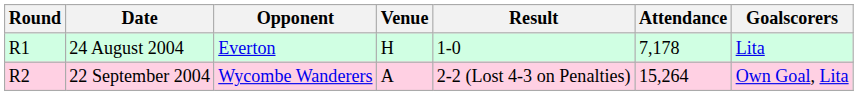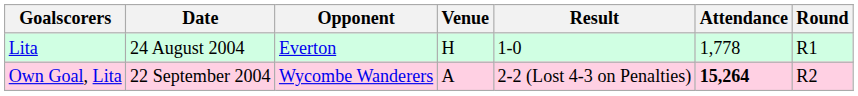 <table class="wikitable">
 <tr>
-<th>Round</th>
+<th>Goalscorers</th>
 <th>Date</th>
 <th>Opponent</th>
 <th>Venue</th>
 <th>Result</th>
 <th>Attendance</th>
-<th>Goalscorers</th>
+<th>Round</th>
 </tr>
 <tr style="background-color: #d0ffe3;">
-<td>R1</td>
+<td><a href='#'>Lita</a></td>
 <td>24 August 2004</td>
 <td><a href='#'>Everton</a></td>
 <td>H</td>
 <td>1-0</td>
-<td>7,178</td>
-<td><a href='#'>Lita</a></td>
+<td>1,778</td>
+<td>R1</td>
 </tr>
 <tr style="background-color: #ffd0e3;">
-<td>R2</td>
+<td><a href='#'>Own Goal</a>, <a href='#'>Lita</a></td>
 <td>22 September 2004</td>
 <td><a href='#'>Wycombe Wanderers</a></td>
 <td>A</td>
 <td>2-2 (Lost 4-3 on Penalties)</td>
-<td>15,264</td>
-<td><a href='#'>Own Goal</a>, <a href='#'>Lita</a></td>
+<td><strong>15,264</strong></td>
+<td>R2</td>
 </tr>
 </table>
